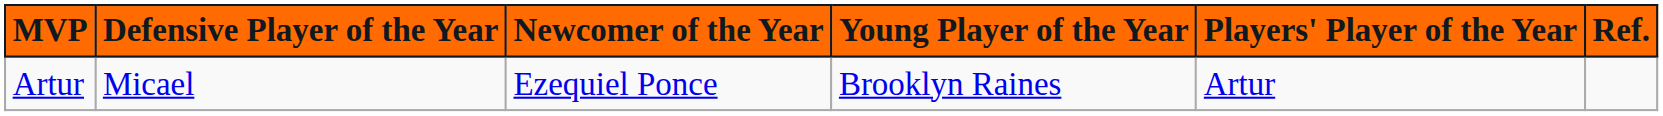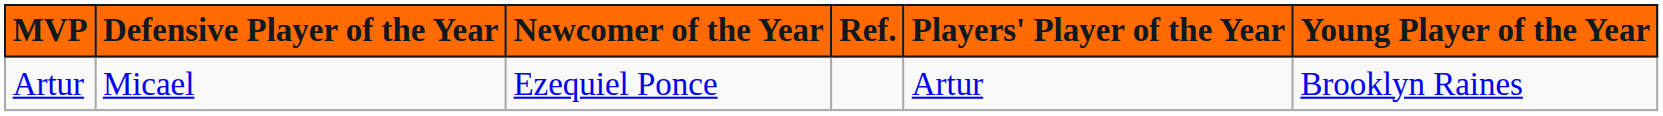 <table class="wikitable">
 <tr>
 <th style="background:#FF6B00; color:#101820; border:1px solid #101820; text-align:center;">MVP</th>
 <th style="background:#FF6B00; color:#101820; border:1px solid #101820; text-align:center;">Defensive Player of the Year</th>
 <th style="background:#FF6B00; color:#101820; border:1px solid #101820; text-align:center;">Newcomer of the Year</th>
+<th style="background:#FF6B00; color:#101820; border:1px solid #101820; text-align:center;">Ref.</th>
+<th style="background:#FF6B00; color:#101820; border:1px solid #101820; text-align:center;">Players' Player of the Year</th>
 <th style="background:#FF6B00; color:#101820; border:1px solid #101820; text-align:center;">Young Player of the Year</th>
-<th style="background:#FF6B00; color:#101820; border:1px solid #101820; text-align:center;">Players' Player of the Year</th>
-<th style="background:#FF6B00; color:#101820; border:1px solid #101820; text-align:center;">Ref.</th>
 </tr>
 <tr>
 <td> <a href='#'>Artur</a></td>
 <td> <a href='#'>Micael</a></td>
 <td> <a href='#'>Ezequiel Ponce</a></td>
+<td></td>
+<td> <a href='#'>Artur</a></td>
 <td> <a href='#'>Brooklyn Raines</a></td>
-<td> <a href='#'>Artur</a></td>
-<td></td>
 </tr>
 </table>
